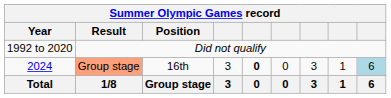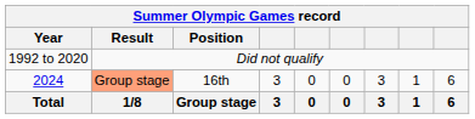 <table class="wikitable" style="text-align: center;font-size:90%;">
 <tr>
 <th colspan=9><a href='#'>Summer Olympic Games</a> record</th>
 </tr>
 <tr>
 <th>Year</th>
 <th>Result</th>
 <th>Position</th>
 <th width=30></th>
 <th width=30></th>
 <th width=30></th>
 <th width=30></th>
 <th width=30></th>
 <th width=30></th>
 </tr>
 <tr>
 <td>1992 to 2020</td>
 <td colspan=8><em>Did not qualify</em></td>
 </tr>
 <tr>
 <td> <a href='#'>2024</a></td>
 <td style="background: lightsalmon;">Group stage</td>
 <td>16th</td>
 <td>3</td>
-<td><strong>0</strong></td>
+<td>0</td>
 <td>0</td>
 <td>3</td>
 <td>1</td>
-<td style="background: lightblue;">6</td>
+<td>6</td>
 </tr>
 <tr>
 <th>Total</th>
 <th>1/8</th>
 <th>Group stage</th>
 <th>3</th>
 <th>0</th>
 <th>0</th>
 <th>3</th>
 <th>1</th>
 <th>6</th>
 </tr>
 </table>
